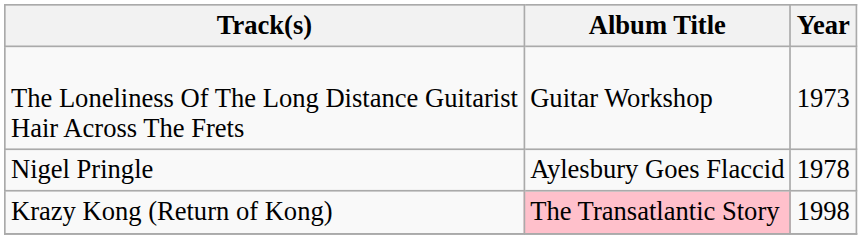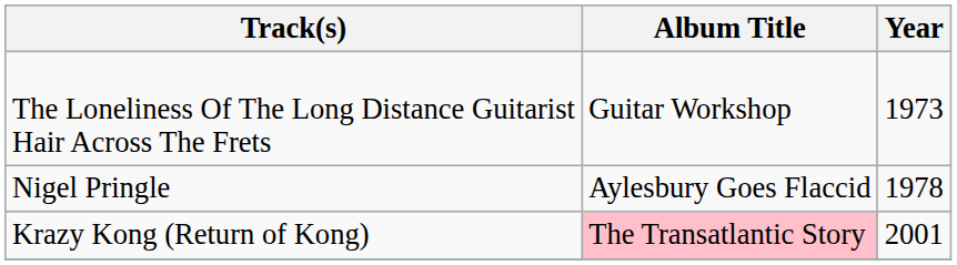 <table class="wikitable">
 <tr>
 <th>Track(s)</th>
 <th>Album Title</th>
 <th>Year</th>
 </tr>
 <tr>
 <td><br>The Loneliness Of The Long Distance Guitarist <br> Hair Across The Frets</td>
 <td>Guitar Workshop</td>
 <td>1973</td>
 </tr>
 <tr>
 <td>Nigel Pringle</td>
 <td>Aylesbury Goes Flaccid</td>
 <td>1978</td>
 </tr>
 <tr>
 <td>Krazy Kong (Return of Kong)</td>
 <td style="background: pink;">The Transatlantic Story</td>
-<td>1998</td>
+<td>2001</td>
 </tr>
 <tr>
 </tr>
 </table>
